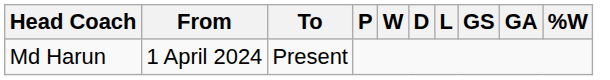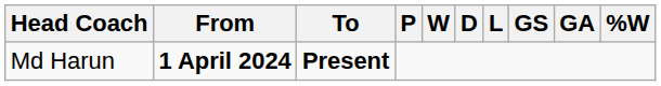 <table class="wikitable sortable" style="text-align: center">
 <tr>
 <th>Head Coach</th>
 <th class="unsortable">From</th>
 <th class="unsortable">To</th>
 <th abbr="3">P</th>
 <th abbr="1">W</th>
 <th abbr="1">D</th>
 <th abbr="1">L</th>
 <th abbr="4">GS</th>
 <th abbr="6">GA</th>
 <th abbr="50">%W</th>
 </tr>
 <tr>
 <td align="left"> Md Harun</td>
-<td align="left">1 April 2024</td>
-<td align="left">Present<br></td>
+<td align="left"><strong>1 April 2024</strong></td>
+<td align="left"><strong>Present<br></strong></td>
 </tr>
 </table>
